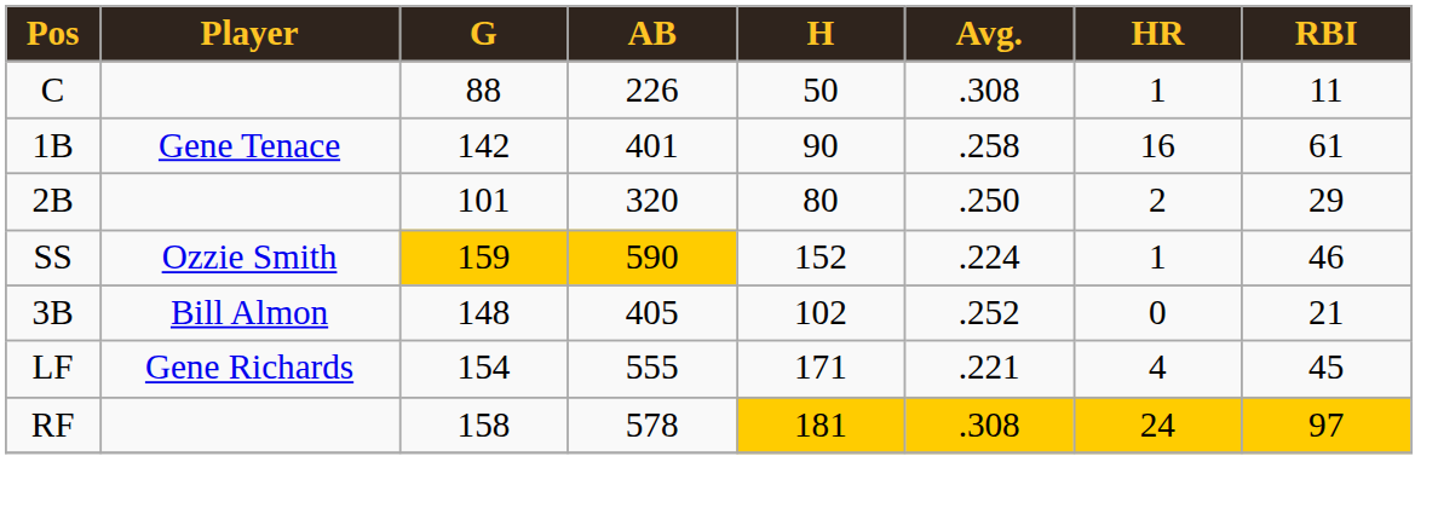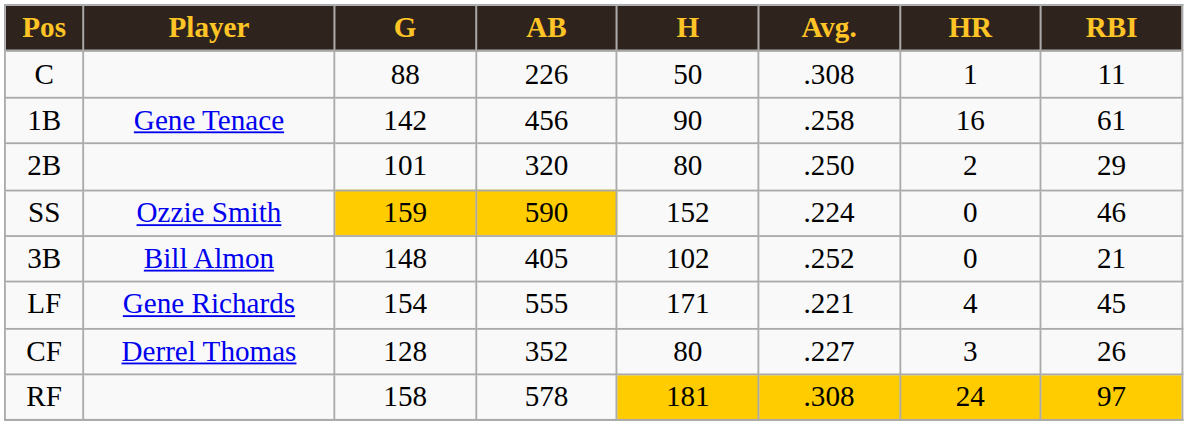 <table class="wikitable sortable">
 <tr>
 <th style="background:#2F241D;color:#FFC425;" width="5%">Pos</th>
 <th style="background:#2F241D;color:#FFC425;" width="16%">Player</th>
 <th style="background:#2F241D;color:#FFC425;" width="9%">G</th>
 <th style="background:#2F241D;color:#FFC425;" width="9%">AB</th>
 <th style="background:#2F241D;color:#FFC425;" width="9%">H</th>
 <th style="background:#2F241D;color:#FFC425;" width="9%">Avg.</th>
 <th style="background:#2F241D;color:#FFC425;" width="9%">HR</th>
 <th style="background:#2F241D;color:#FFC425;" width="9%">RBI</th>
 </tr>
 <tr align="center">
 <td>C</td>
 <td></td>
 <td>88</td>
 <td>226</td>
 <td>50</td>
 <td>.308</td>
 <td>1</td>
 <td>11</td>
 </tr>
 <tr align="center">
 <td>1B</td>
 <td><a href='#'>Gene Tenace</a></td>
 <td>142</td>
-<td>401</td>
+<td>456</td>
 <td>90</td>
 <td>.258</td>
 <td>16</td>
 <td>61</td>
 </tr>
 <tr align="center">
 <td>2B</td>
 <td></td>
 <td>101</td>
 <td>320</td>
 <td>80</td>
 <td>.250</td>
 <td>2</td>
 <td>29</td>
 </tr>
 <tr align="center">
 <td>SS</td>
 <td><a href='#'>Ozzie Smith</a></td>
 <td style="background:#fc0;">159</td>
 <td style="background:#fc0;">590</td>
 <td>152</td>
 <td>.224</td>
-<td>1</td>
+<td>0</td>
 <td>46</td>
 </tr>
 <tr align="center">
 <td>3B</td>
 <td><a href='#'>Bill Almon</a></td>
 <td>148</td>
 <td>405</td>
 <td>102</td>
 <td>.252</td>
 <td>0</td>
 <td>21</td>
 </tr>
 <tr align="center">
 <td>LF</td>
 <td><a href='#'>Gene Richards</a></td>
 <td>154</td>
 <td>555</td>
 <td>171</td>
 <td>.221</td>
 <td>4</td>
 <td>45</td>
 </tr>
 <tr align="center">
+<td>CF</td>
+<td><a href='#'>Derrel Thomas</a></td>
+<td>128</td>
+<td>352</td>
+<td>80</td>
+<td>.227</td>
+<td>3</td>
+<td>26</td>
+</tr>
+<tr align="center">
 <td>RF</td>
 <td></td>
 <td>158</td>
 <td>578</td>
 <td style="background:#fc0;">181</td>
 <td style="background:#fc0;">.308</td>
 <td style="background:#fc0;">24</td>
 <td style="background:#fc0;">97</td>
 </tr>
 <tr align="center">
 </tr>
 </table>
